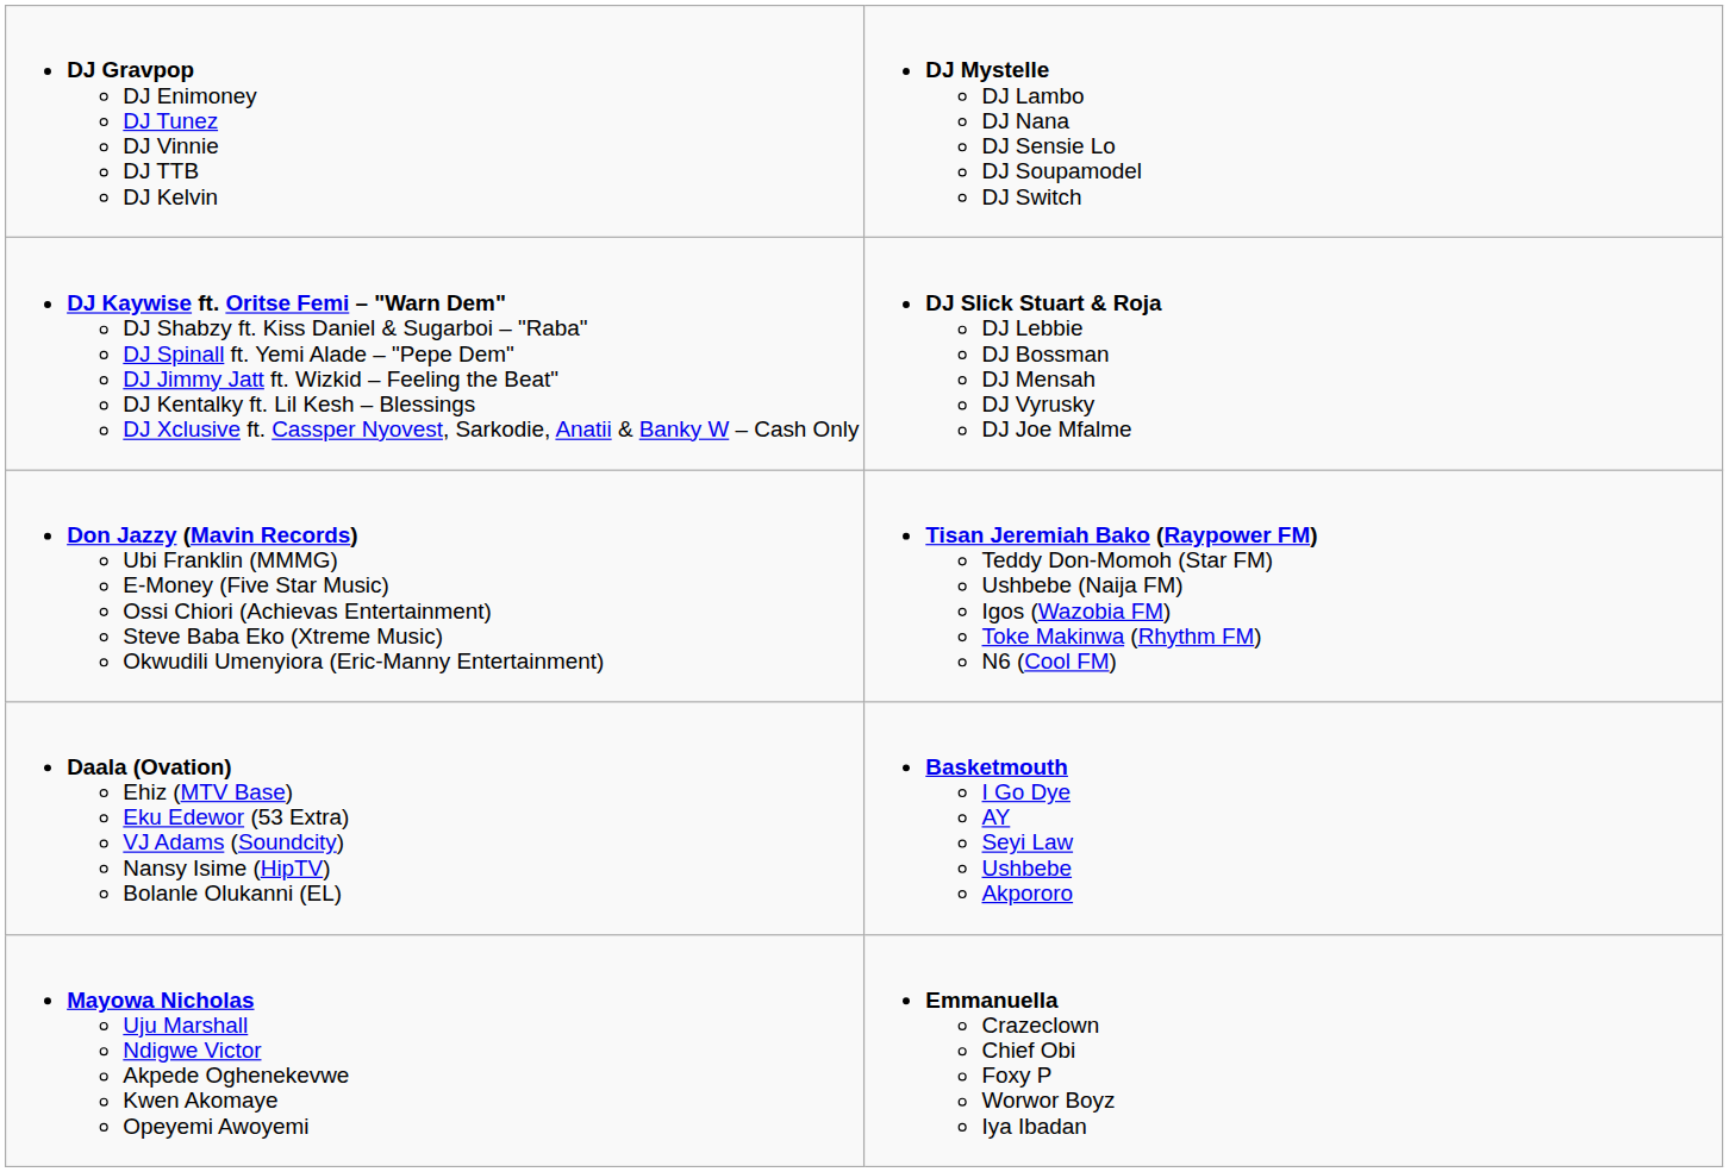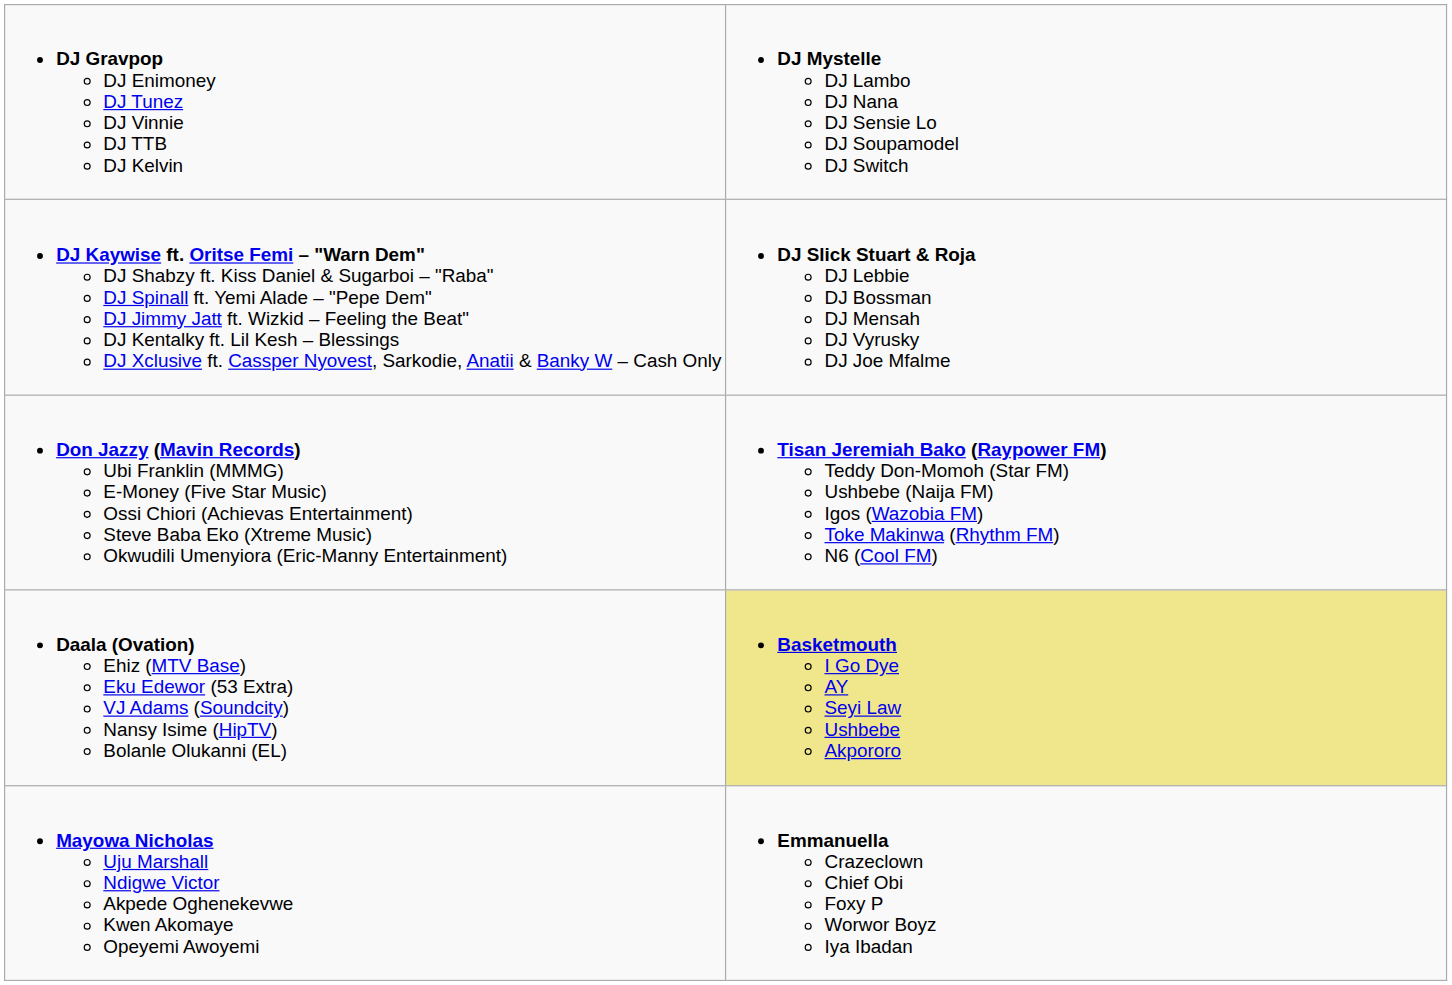 <table class="wikitable">
 <tr>
 <td valign="top" width="50%"><br><ul><li><strong>DJ Gravpop</strong><ul><li>DJ Enimoney</li><li><a href='#'>DJ Tunez</a></li><li>DJ Vinnie</li><li>DJ TTB</li><li>DJ Kelvin</li></ul></li></ul></td>
 <td valign="top" width="50%"><br><ul><li><strong>DJ Mystelle</strong><ul><li>DJ Lambo</li><li>DJ Nana</li><li>DJ Sensie Lo</li><li>DJ Soupamodel</li><li>DJ Switch</li></ul></li></ul></td>
 </tr>
 <tr>
 <td valign="top" width="50%"><br><ul><li><strong><a href='#'>DJ Kaywise</a> ft. <a href='#'>Oritse Femi</a> – "Warn Dem"</strong><ul><li>DJ Shabzy ft. Kiss Daniel & Sugarboi – "Raba"</li><li><a href='#'>DJ Spinall</a> ft. Yemi Alade – "Pepe Dem"</li><li><a href='#'>DJ Jimmy Jatt</a> ft. Wizkid – Feeling the Beat"</li><li>DJ Kentalky ft. Lil Kesh – Blessings</li><li><a href='#'>DJ Xclusive</a> ft. <a href='#'>Cassper Nyovest</a>, Sarkodie, <a href='#'>Anatii</a> & <a href='#'>Banky W</a> – Cash Only</li></ul></li></ul></td>
 <td valign="top" width="50%"><br><ul><li><strong>DJ Slick Stuart & Roja</strong><ul><li>DJ Lebbie</li><li>DJ Bossman</li><li>DJ Mensah</li><li>DJ Vyrusky</li><li>DJ Joe Mfalme</li></ul></li></ul></td>
 </tr>
 <tr>
 <td valign="top" width="50%"><br><ul><li><strong><a href='#'>Don Jazzy</a> (<a href='#'>Mavin Records</a>)</strong><ul><li>Ubi Franklin (MMMG)</li><li>E-Money (Five Star Music)</li><li>Ossi Chiori (Achievas Entertainment)</li><li>Steve Baba Eko (Xtreme Music)</li><li>Okwudili Umenyiora (Eric-Manny Entertainment)</li></ul></li></ul></td>
 <td valign="top" width="50%"><br><ul><li><strong><a href='#'>Tisan Jeremiah Bako</a> (<a href='#'>Raypower FM</a>)</strong><ul><li>Teddy Don-Momoh (Star FM)</li><li>Ushbebe (Naija FM)</li><li>Igos (<a href='#'>Wazobia FM</a>)</li><li><a href='#'>Toke Makinwa</a> (<a href='#'>Rhythm FM</a>)</li><li>N6 (<a href='#'>Cool FM</a>)</li></ul></li></ul></td>
 </tr>
 <tr>
 <td valign="top" width="50%"><br><ul><li><strong>Daala (Ovation)</strong><ul><li>Ehiz (<a href='#'>MTV Base</a>)</li><li><a href='#'>Eku Edewor</a> (53 Extra)</li><li><a href='#'>VJ Adams</a> (<a href='#'>Soundcity</a>)</li><li>Nansy Isime (<a href='#'>HipTV</a>)</li><li>Bolanle Olukanni (EL)</li></ul></li></ul></td>
-<td valign="top" width="50%"><br><ul><li><strong><a href='#'>Basketmouth</a></strong><ul><li><a href='#'>I Go Dye</a></li><li><a href='#'>AY</a></li><li><a href='#'>Seyi Law</a></li><li><a href='#'>Ushbebe</a></li><li><a href='#'>Akpororo</a></li></ul></li></ul></td>
+<td valign="top" width="50%" style="background: khaki;"><br><ul><li><strong><a href='#'>Basketmouth</a></strong><ul><li><a href='#'>I Go Dye</a></li><li><a href='#'>AY</a></li><li><a href='#'>Seyi Law</a></li><li><a href='#'>Ushbebe</a></li><li><a href='#'>Akpororo</a></li></ul></li></ul></td>
 </tr>
 <tr>
 <td valign="top" width="50%"><br><ul><li><strong><a href='#'>Mayowa Nicholas</a></strong><ul><li><a href='#'>Uju Marshall</a></li><li><a href='#'>Ndigwe Victor</a></li><li>Akpede Oghenekevwe</li><li>Kwen Akomaye</li><li>Opeyemi Awoyemi</li></ul></li></ul></td>
 <td valign="top" width="50%"><br><ul><li><strong>Emmanuella</strong><ul><li>Crazeclown</li><li>Chief Obi</li><li>Foxy P</li><li>Worwor Boyz</li><li>Iya Ibadan</li></ul></li></ul></td>
 </tr>
 </table>
